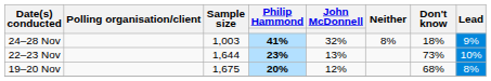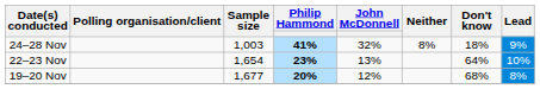 <table class="wikitable sortable" style="text-align:center;line-height:14px">
 <tr>
 <th style="width:80px;" rowspan="2">Date(s)<br>conducted</th>
 <th style="width:200px;" rowspan="2">Polling organisation/client</th>
 <th style="width:60px;" rowspan="2">Sample size</th>
 <th style="width:60px;" class="unsortable"><a href='#'>Philip Hammond</a></th>
 <th style="width:60px;" class="unsortable"><a href='#'>John McDonnell</a></th>
 <th style="width:60px;" rowspan="2" class="unsortable">Neither</th>
 <th style="width:60px;" rowspan="2" class="unsortable">Don't know</th>
 <th class="unsortable" style="width:20px;" rowspan="2">Lead</th>
 </tr>
 <tr>
 <th class="unsortable" style="color:inherit;background:"></th>
 <th class="unsortable" style="color:inherit;background:"></th>
 </tr>
 <tr>
 <td>24–28 Nov</td>
 <td></td>
 <td>1,003</td>
 <td style="background:#B3E0FF"><strong>41%</strong></td>
 <td>32%</td>
 <td>8%</td>
 <td>18%</td>
 <td style="background:#0087DC; color:white;">9%</td>
 </tr>
 <tr>
 <td>22–23 Nov</td>
 <td></td>
-<td>1,644</td>
+<td>1,654</td>
 <td style="background:#B3E0FF"><strong>23%</strong></td>
 <td>13%</td>
 <td></td>
-<td>73%</td>
+<td>64%</td>
 <td style="background:#0087DC; color:white;">10%</td>
 </tr>
 <tr>
 <td>19–20 Nov</td>
 <td></td>
-<td>1,675</td>
+<td>1,677</td>
 <td style="background:#B3E0FF"><strong>20%</strong></td>
 <td>12%</td>
 <td></td>
 <td>68%</td>
 <td style="background:#0087DC; color:white;">8%</td>
 </tr>
 <tr>
 </tr>
 </table>
